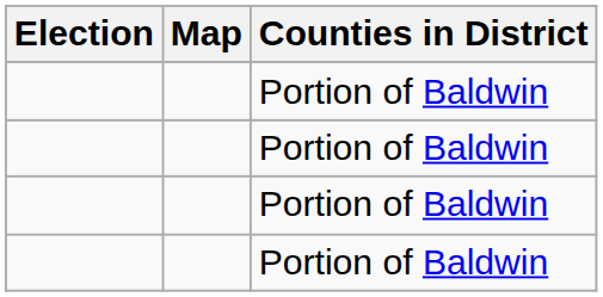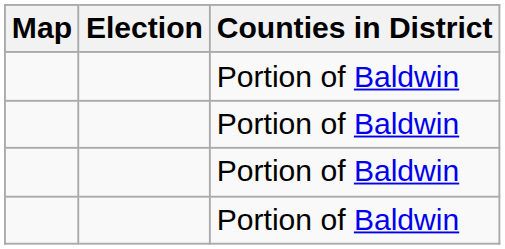 <table class="wikitable">
 <tr>
+<th>Map</th>
 <th>Election</th>
-<th>Map</th>
 <th>Counties in District</th>
 </tr>
 <tr>
 <td></td>
 <td></td>
 <td>Portion of <a href='#'>Baldwin</a></td>
 </tr>
 <tr>
 <td></td>
 <td></td>
 <td>Portion of <a href='#'>Baldwin</a></td>
 </tr>
 <tr>
 <td></td>
 <td></td>
 <td>Portion of <a href='#'>Baldwin</a></td>
 </tr>
 <tr>
 <td></td>
 <td></td>
 <td>Portion of <a href='#'>Baldwin</a></td>
 </tr>
 </table>
